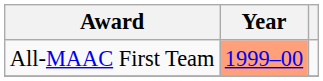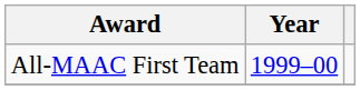 <table class="wikitable">
 <tr>
 <th>Award</th>
 <th>Year</th>
 <th></th>
 </tr>
 <tr>
 <td>All-<a href='#'>MAAC</a> First Team</td>
-<td style="background: lightsalmon;"><a href='#'>1999–00</a></td>
+<td><a href='#'>1999–00</a></td>
 <td></td>
 </tr>
 <tr>
 </tr>
 </table>
